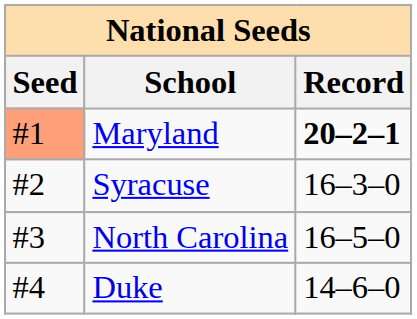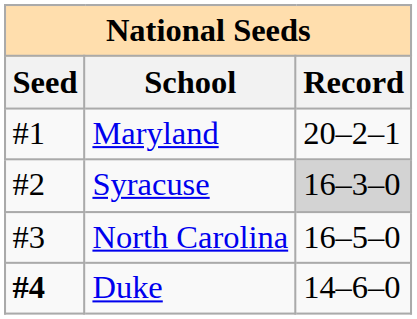 <table class="wikitable">
 <tr>
 <th colspan="5" style="background:#ffdead;">National Seeds</th>
 </tr>
 <tr>
 <th>Seed</th>
 <th>School</th>
 <th>Record</th>
 </tr>
 <tr>
-<td style="background: lightsalmon;">#1</td>
+<td>#1</td>
 <td><a href='#'>Maryland</a></td>
-<td><strong>20–2–1</strong></td>
+<td>20–2–1</td>
 </tr>
 <tr>
 <td>#2</td>
 <td><a href='#'>Syracuse</a></td>
-<td>16–3–0</td>
+<td style="background: lightgrey;">16–3–0</td>
 </tr>
 <tr>
 <td>#3</td>
 <td><a href='#'>North Carolina</a></td>
 <td>16–5–0</td>
 </tr>
 <tr>
-<td>#4</td>
+<td><strong>#4</strong></td>
 <td><a href='#'>Duke</a></td>
 <td>14–6–0</td>
 </tr>
 </table>
